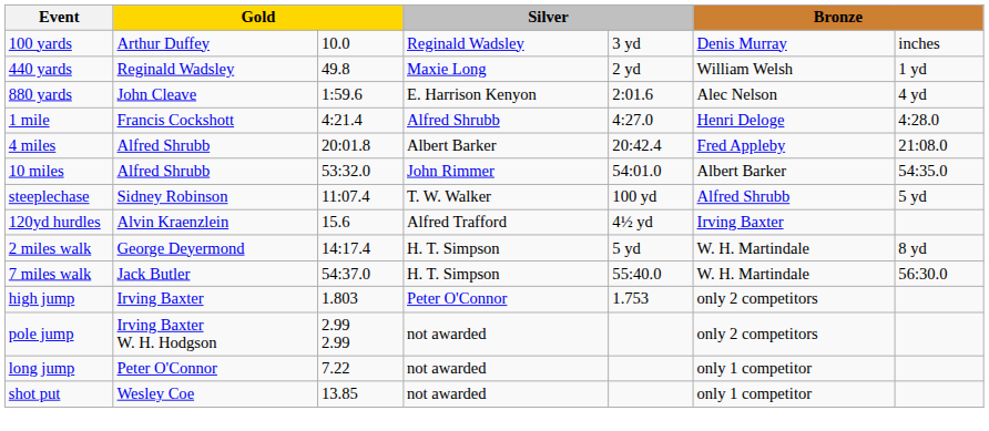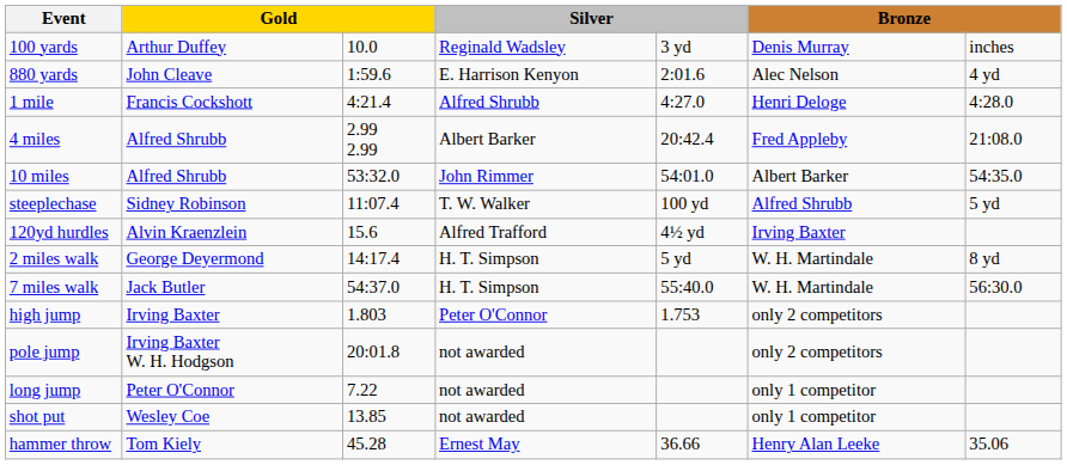 <table class="wikitable" style="text-align:left">
 <tr>
 <th width=100>Event</th>
 <th colspan="2" width="280" style="background:gold;">Gold</th>
 <th colspan="2" width="280" style="background:silver;">Silver</th>
 <th colspan="2" width="280" style="background:#CD7F32;">Bronze</th>
 </tr>
 <tr>
 <td><a href='#'>100 yards</a></td>
 <td> <a href='#'>Arthur Duffey</a></td>
 <td>10.0</td>
 <td><a href='#'>Reginald Wadsley</a></td>
 <td>3 yd</td>
 <td> <a href='#'>Denis Murray</a></td>
 <td>inches</td>
-</tr>
-<tr>
-<td><a href='#'>440 yards</a></td>
-<td><a href='#'>Reginald Wadsley</a></td>
-<td>49.8</td>
-<td> <a href='#'>Maxie Long</a></td>
-<td>2 yd</td>
-<td> William Welsh</td>
-<td>1 yd</td>
 </tr>
 <tr>
 <td><a href='#'>880 yards</a></td>
 <td><a href='#'>John Cleave</a></td>
 <td>1:59.6</td>
 <td>E. Harrison Kenyon</td>
 <td>2:01.6</td>
 <td>Alec Nelson</td>
 <td>4 yd</td>
 </tr>
 <tr>
 <td><a href='#'>1 mile</a></td>
 <td><a href='#'>Francis Cockshott</a></td>
 <td>4:21.4</td>
 <td><a href='#'>Alfred Shrubb</a></td>
 <td>4:27.0</td>
 <td> <a href='#'>Henri Deloge</a></td>
 <td>4:28.0</td>
 </tr>
 <tr>
 <td><a href='#'>4 miles</a></td>
 <td><a href='#'>Alfred Shrubb</a></td>
-<td>20:01.8</td>
+<td>2.99<br>2.99</td>
 <td>Albert Barker</td>
 <td>20:42.4</td>
 <td><a href='#'>Fred Appleby</a></td>
 <td>21:08.0</td>
 </tr>
 <tr>
 <td><a href='#'>10 miles</a></td>
 <td><a href='#'>Alfred Shrubb</a></td>
 <td>53:32.0</td>
 <td><a href='#'>John Rimmer</a></td>
 <td>54:01.0</td>
 <td>Albert Barker</td>
 <td>54:35.0</td>
 </tr>
 <tr>
 <td><a href='#'>steeplechase</a></td>
 <td><a href='#'>Sidney Robinson</a></td>
 <td>11:07.4</td>
 <td>T. W. Walker</td>
 <td>100 yd</td>
 <td><a href='#'>Alfred Shrubb</a></td>
 <td>5 yd</td>
 </tr>
 <tr>
 <td><a href='#'>120yd hurdles</a></td>
 <td> <a href='#'>Alvin Kraenzlein</a></td>
 <td>15.6</td>
 <td>Alfred Trafford</td>
 <td>4½ yd</td>
 <td> <a href='#'>Irving Baxter</a></td>
 <td></td>
 </tr>
 <tr>
 <td><a href='#'>2 miles walk</a></td>
 <td> <a href='#'>George Deyermond</a></td>
 <td>14:17.4</td>
 <td>H. T. Simpson</td>
 <td>5 yd</td>
 <td>W. H. Martindale</td>
 <td>8 yd</td>
 </tr>
 <tr>
 <td><a href='#'>7 miles walk</a></td>
 <td><a href='#'>Jack Butler</a></td>
 <td>54:37.0</td>
 <td>H. T. Simpson</td>
 <td>55:40.0</td>
 <td>W. H. Martindale</td>
 <td>56:30.0</td>
 </tr>
 <tr>
 <td><a href='#'>high jump</a></td>
 <td> <a href='#'>Irving Baxter</a></td>
 <td>1.803</td>
 <td>  <a href='#'>Peter O'Connor</a></td>
 <td>1.753</td>
 <td>only 2 competitors</td>
 <td></td>
 </tr>
 <tr>
 <td><a href='#'>pole jump</a></td>
 <td> <a href='#'>Irving Baxter</a> <br> W. H. Hodgson</td>
-<td>2.99<br>2.99</td>
+<td>20:01.8</td>
 <td>not awarded</td>
 <td></td>
 <td>only 2 competitors</td>
 <td></td>
 </tr>
 <tr>
 <td><a href='#'>long jump</a></td>
 <td>  <a href='#'>Peter O'Connor</a></td>
 <td>7.22</td>
 <td>not awarded</td>
 <td></td>
 <td>only 1 competitor</td>
 <td></td>
 </tr>
 <tr>
 <td><a href='#'>shot put</a></td>
 <td> <a href='#'>Wesley Coe</a></td>
 <td>13.85</td>
 <td>not awarded</td>
 <td></td>
 <td>only 1 competitor</td>
 <td></td>
 </tr>
+<tr>
+<td><a href='#'>hammer throw</a></td>
+<td> <a href='#'>Tom Kiely</a></td>
+<td>45.28</td>
+<td><a href='#'>Ernest May</a></td>
+<td>36.66</td>
+<td><a href='#'>Henry Alan Leeke</a></td>
+<td>35.06</td>
+</tr>
 </table>
